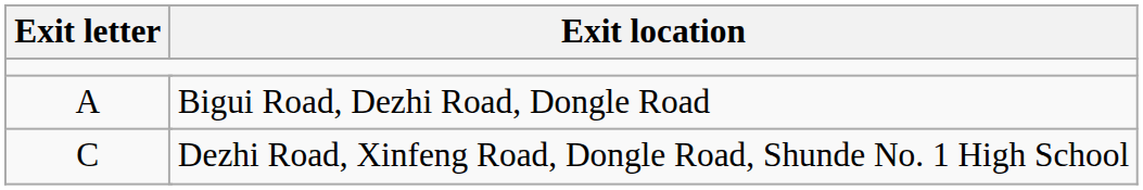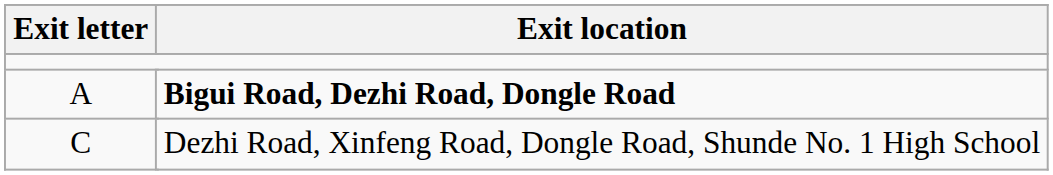 <table class="wikitable">
 <tr>
 <th colspan=2 style="width:70px">Exit letter</th>
 <th>Exit location</th>
 </tr>
 <tr style="background:#">
 <td colspan="4"></td>
 </tr>
 <tr>
 <td colspan=2 align=center>A</td>
-<td>Bigui Road, Dezhi Road, Dongle Road</td>
+<td><strong>Bigui Road, Dezhi Road, Dongle Road</strong></td>
 </tr>
 <tr>
 <td colspan=2 align=center>C</td>
 <td>Dezhi Road, Xinfeng Road, Dongle Road, Shunde No. 1 High School</td>
 </tr>
 </table>
